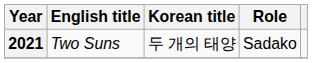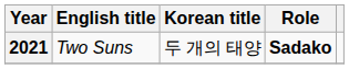 <table class="wikitable sortable plainrowheaders">
 <tr>
 <th scope="col">Year</th>
 <th scope="col">English title</th>
 <th scope="col">Korean title</th>
 <th scope="col">Role</th>
 <th scope="col" class="unsortable"></th>
 </tr>
 <tr>
 <th scope="row"  rowspan=1>2021</th>
 <td><em>Two Suns</em></td>
 <td>두 개의 태양</td>
-<td>Sadako</td>
+<td><strong>Sadako</strong></td>
 <td></td>
 </tr>
 <tr>
 </tr>
 </table>
